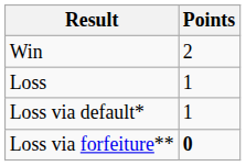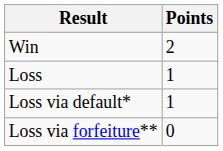 <table class=wikitable>
 <tr>
 <th>Result</th>
 <th>Points</th>
 </tr>
 <tr>
 <td>Win</td>
 <td>2</td>
 </tr>
 <tr>
 <td>Loss</td>
 <td>1</td>
 </tr>
 <tr>
 <td>Loss via default*</td>
 <td>1</td>
 </tr>
 <tr>
 <td>Loss via <a href='#'>forfeiture</a>**</td>
-<td><strong>0</strong></td>
+<td>0</td>
 </tr>
 </table>
